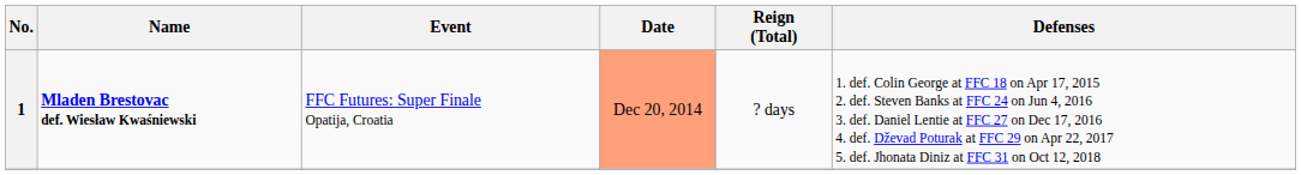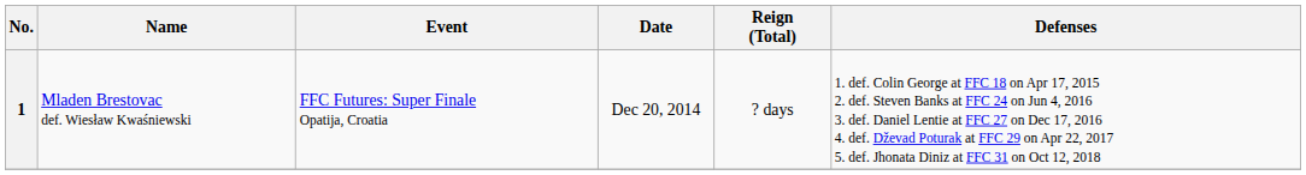 <table class="wikitable" style="width:99%;">
 <tr>
 <th style="width:2%;">No.</th>
 <th>Name</th>
 <th>Event</th>
 <th style="width:9%;">Date</th>
 <th style="width:9%;">Reign<br>(Total)</th>
 <th>Defenses</th>
 </tr>
 <tr>
 <th>1</th>
-<td><strong> <a href='#'>Mladen Brestovac</a><br><small>def. Wiesław Kwaśniewski </small></strong></td>
+<td> <a href='#'>Mladen Brestovac</a><br><small>def. Wiesław Kwaśniewski </small></td>
 <td><a href='#'>FFC Futures: Super Finale</a><br><small>Opatija, Croatia</small></td>
-<td style="background: lightsalmon; text-align:center;">Dec 20, 2014</td>
+<td style="text-align:center;">Dec 20, 2014</td>
 <td style="text-align:center;">? days</td>
 <td><br><small>1. def. Colin George at <a href='#'>FFC 18</a> on Apr 17, 2015</small><br> <small>2. def. Steven Banks at <a href='#'>FFC 24</a> on Jun 4, 2016</small><br> <small>3. def. Daniel Lentie at <a href='#'>FFC 27</a> on Dec 17, 2016</small><br> <small>4. def. <a href='#'>Dževad Poturak</a> at <a href='#'>FFC 29</a> on Apr 22, 2017</small><br> <small>5. def. Jhonata Diniz at <a href='#'>FFC 31</a> on Oct 12, 2018</small></td>
 </tr>
 <tr>
 </tr>
 </table>
